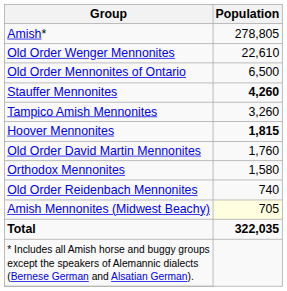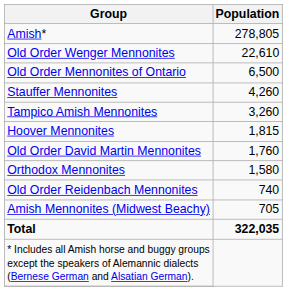 <table class="wikitable floatright">
 <tr>
 <th>Group</th>
 <th>Population</th>
 </tr>
 <tr>
 <td><a href='#'>Amish</a>*</td>
 <td align="right">278,805</td>
 </tr>
 <tr>
 <td><a href='#'>Old Order Wenger Mennonites</a></td>
 <td align="right">22,610</td>
 </tr>
 <tr>
 <td><a href='#'>Old Order Mennonites of Ontario</a></td>
 <td align="right">6,500</td>
 </tr>
 <tr>
 <td><a href='#'>Stauffer Mennonites</a></td>
-<td align="right"><strong>4,260</strong></td>
+<td align="right">4,260</td>
 </tr>
 <tr>
 <td><a href='#'>Tampico Amish Mennonites</a></td>
 <td align="right">3,260</td>
 </tr>
 <tr>
 <td><a href='#'>Hoover Mennonites</a></td>
-<td align="right"><strong>1,815</strong></td>
+<td align="right">1,815</td>
 </tr>
 <tr>
 <td><a href='#'>Old Order David Martin Mennonites</a></td>
 <td align="right">1,760</td>
 </tr>
 <tr>
 <td><a href='#'>Orthodox Mennonites</a></td>
 <td align="right">1,580</td>
 </tr>
 <tr>
 <td><a href='#'>Old Order Reidenbach Mennonites</a></td>
 <td align="right">740</td>
 </tr>
 <tr>
 <td><a href='#'>Amish Mennonites (Midwest Beachy)</a></td>
-<td align="right" style="background: lightyellow;">705</td>
+<td align="right">705</td>
 </tr>
 <tr>
 <td><strong>Total</strong></td>
 <td align="right"><strong>322,035</strong></td>
 </tr>
 <tr>
 <td><small> * Includes all Amish horse and buggy groups<br> except the speakers of Alemannic dialects<br> (<a href='#'>Bernese German</a> and <a href='#'>Alsatian German</a>).</small></td>
 </tr>
 <tr>
 </tr>
 </table>
